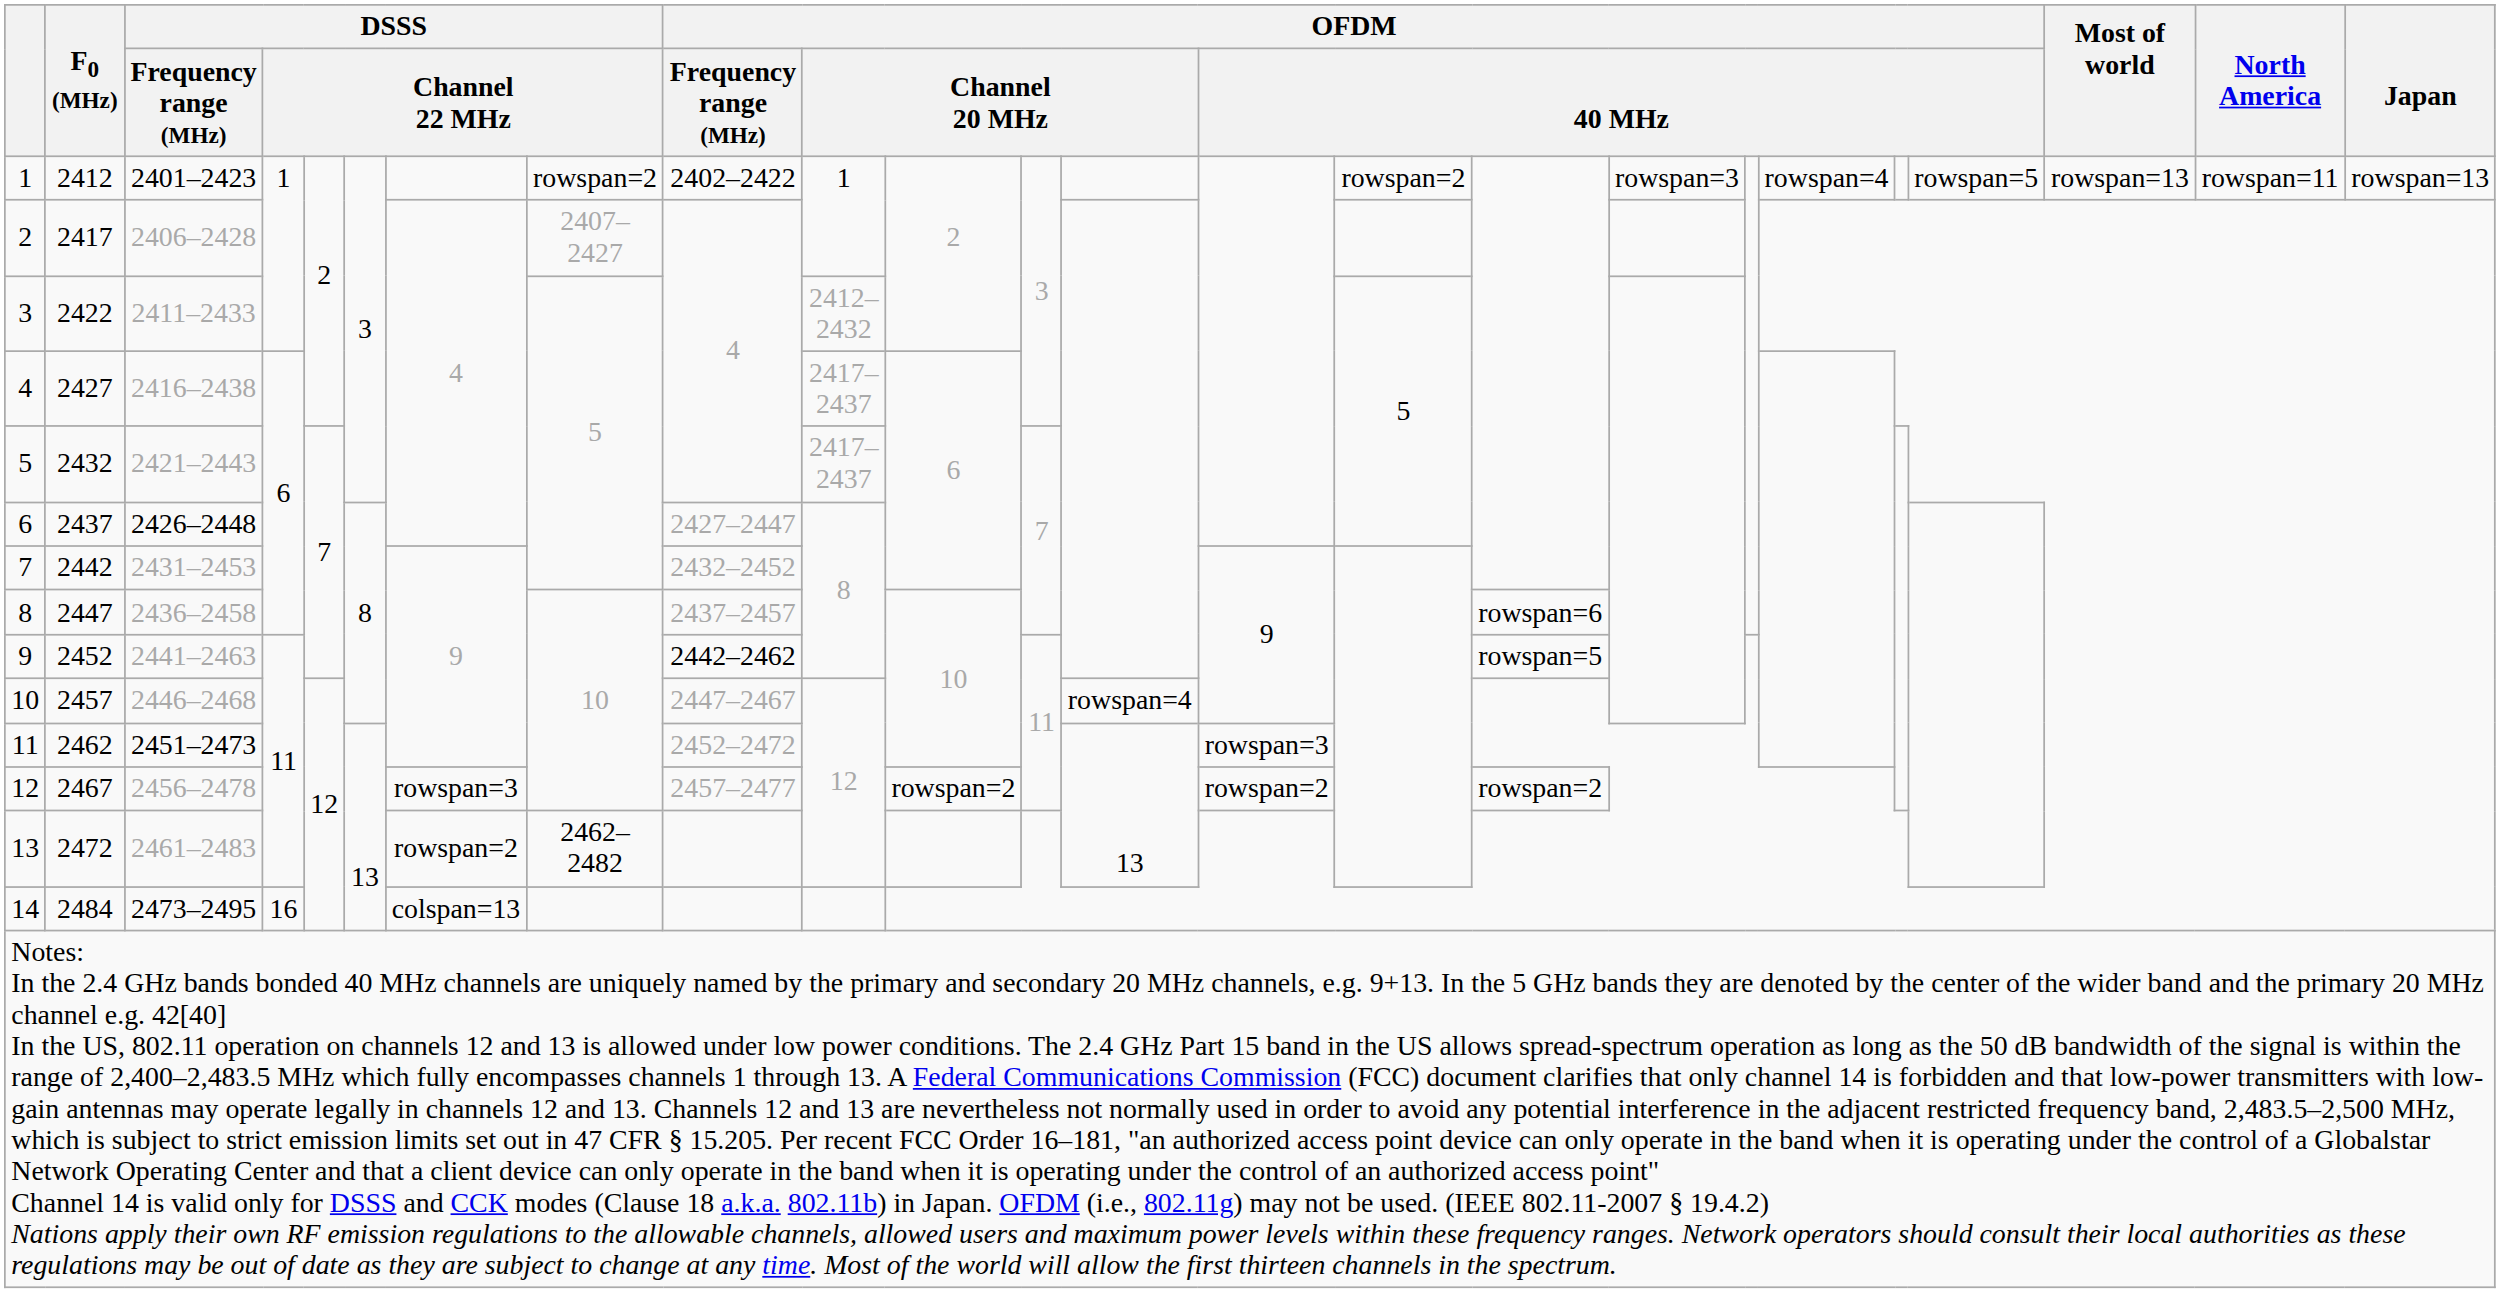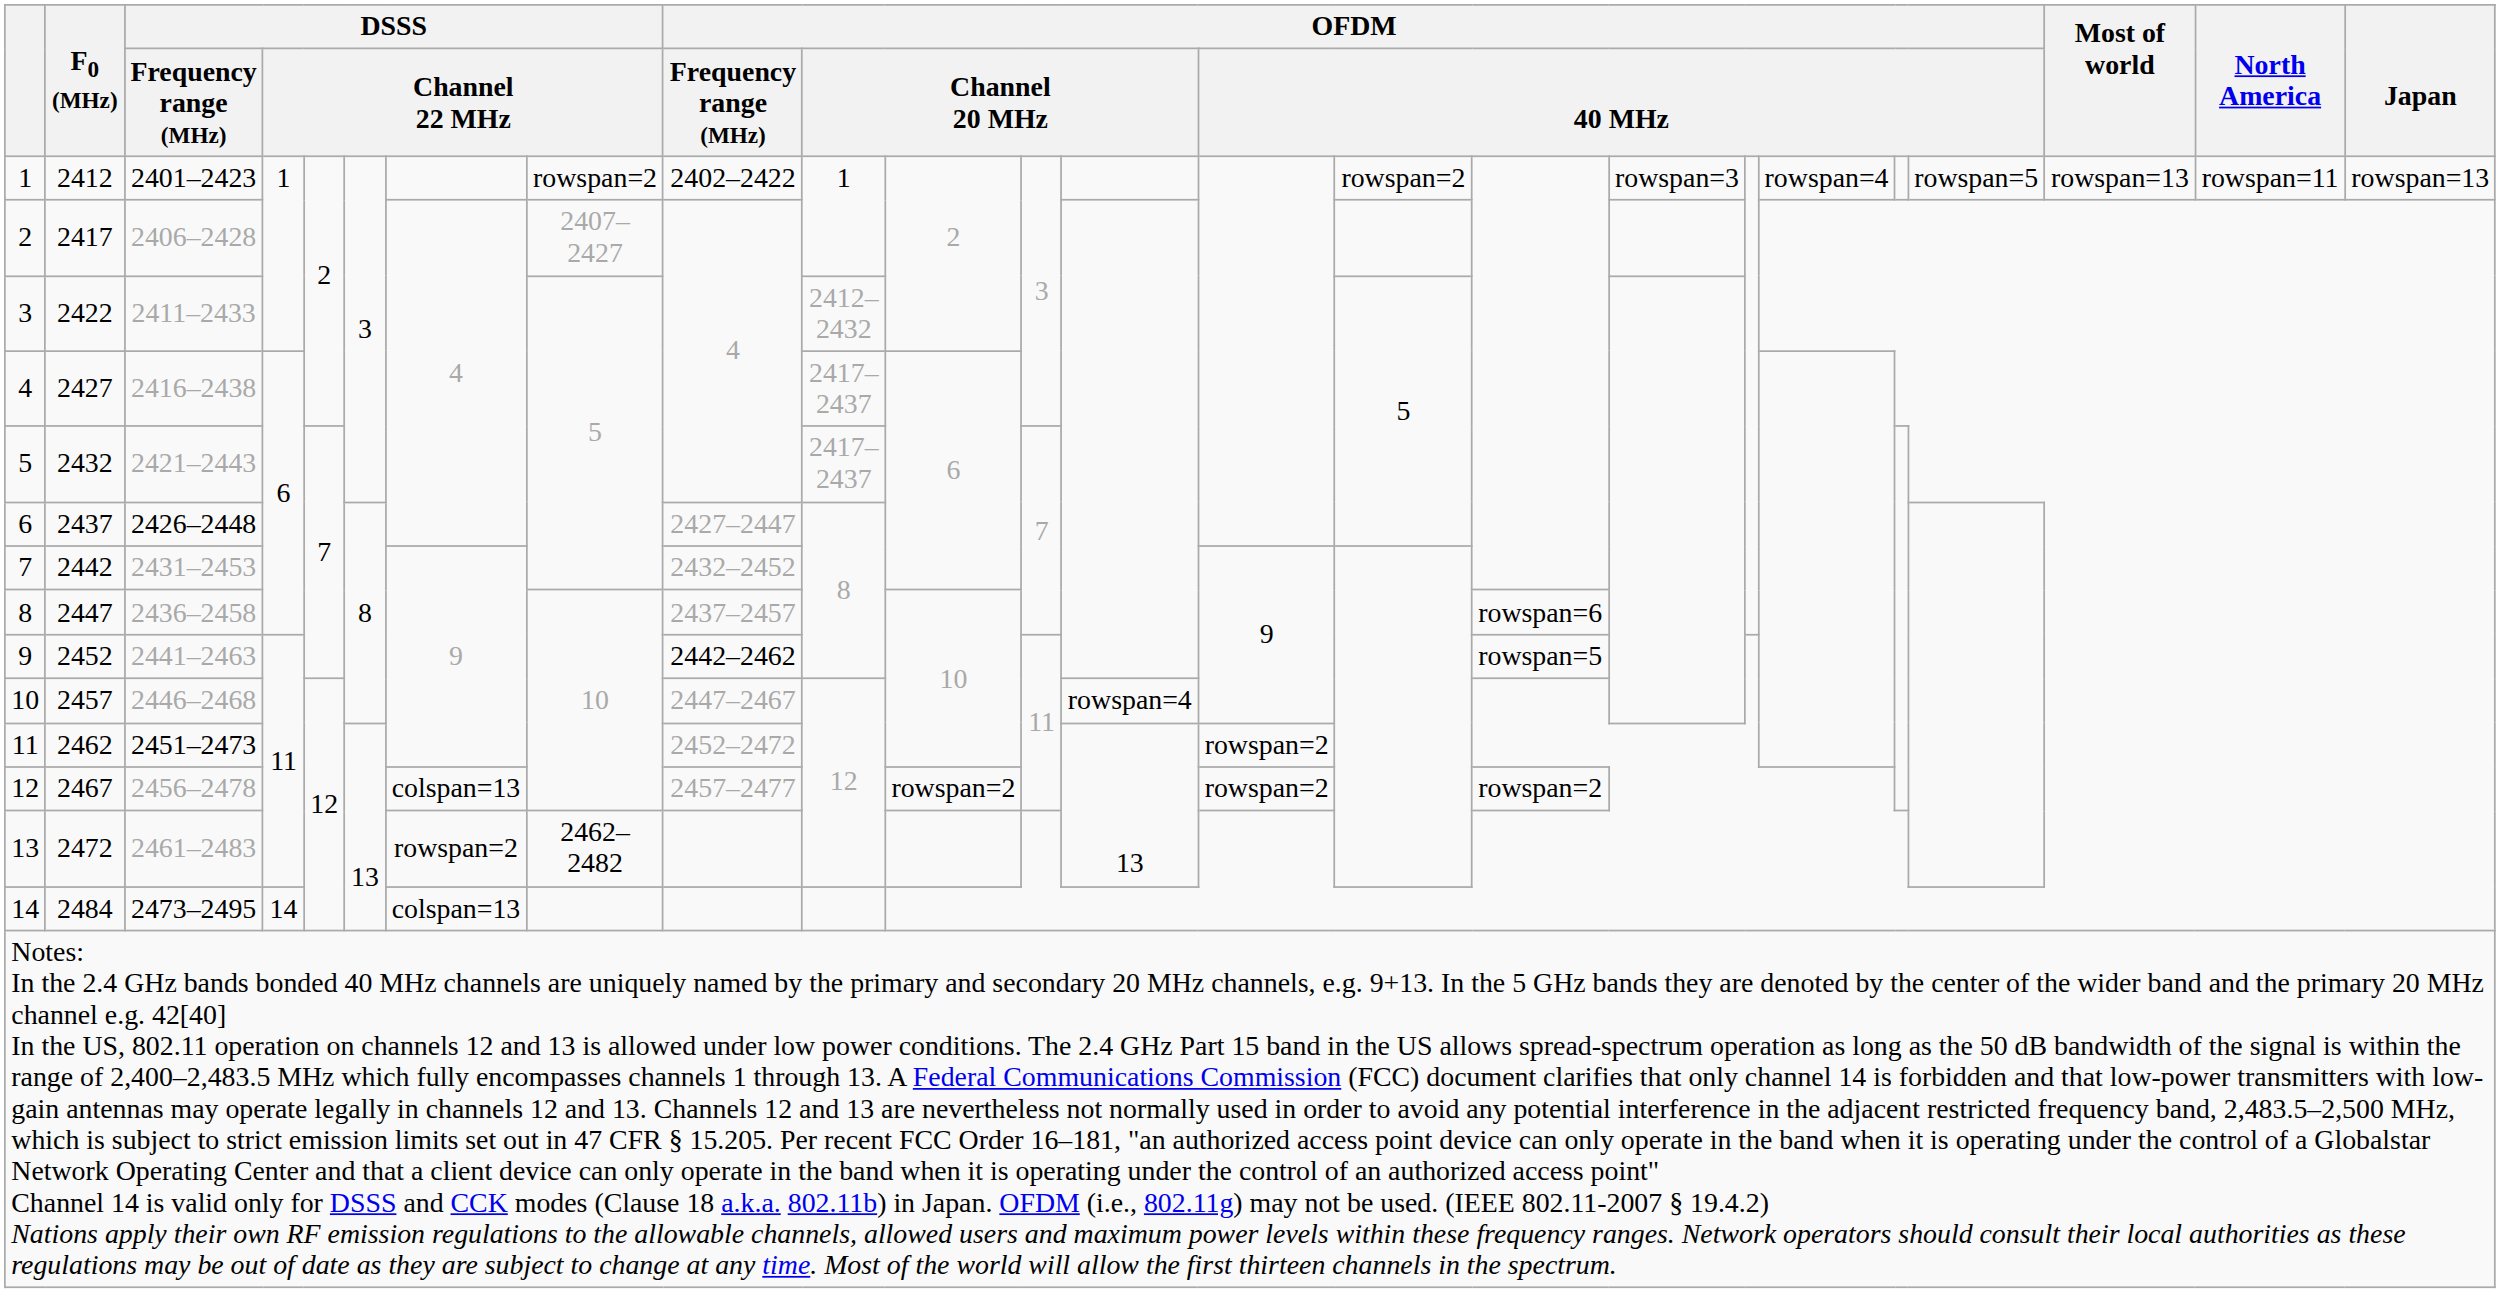 <table class="wikitable sortable sticky-table-head sticky-table-col1 mw-collapsible mw-datatable" style="text-align: center;">
 <tr>
 <th scope="col" rowspan=2></th>
 <th scope="col" rowspan=2>F<sub>0</sub><br><small>(MHz)</small></th>
 <th scope="colgroup" colspan=6>DSSS</th>
 <th scope="colgroup" colspan=13>OFDM</th>
 <th scope="col" rowspan=2 class="unsortable">Most of<br>world<br><br><br></th>
 <th scope="col" rowspan=2 class="unsortable"><a href='#'>North<br>America</a><br></th>
 <th scope="col" rowspan=2 class="unsortable"><br>Japan<br></th>
 </tr>
 <tr>
 <th scope="col" class="sticky-table-none">Frequency<br>range<br><small>(MHz)</small></th>
 <th scope="colgroup" colspan=5>Channel<br>22 MHz</th>
 <th scope="col">Frequency<br>range<br><small>(MHz)</small></th>
 <th scope="colgroup" colspan=4>Channel<br>20 MHz</th>
 <th scope="colgroup" colspan=8><br>40 MHz</th>
 </tr>
 <tr>
 <td>1</td>
 <td>2412</td>
 <td>2401–2423</td>
 <td rowspan=3 style="vertical-align:top">1</td>
 <td rowspan=4>2<br> </td>
 <td rowspan=5>3</td>
 <td></td>
 <td>rowspan=2 </td>
 <td>2402–2422</td>
 <td rowspan=2 style="vertical-align:top">1</td>
 <td rowspan=3 style=color:darkgray>2<br> </td>
 <td rowspan=4 style=color:darkgray>3</td>
 <td></td>
 <td rowspan=6><br><br> </td>
 <td>rowspan=2 </td>
 <td rowspan=7 style=color:darkgray><br> </td>
 <td>rowspan=3 </td>
 <td rowspan=8 style=color:darkgray></td>
 <td>rowspan=4 </td>
 <td></td>
 <td>rowspan=5  </td>
 <td>rowspan=13 </td>
 <td>rowspan=11 </td>
 <td>rowspan=13 </td>
 </tr>
 <tr>
 <td>2</td>
 <td>2417</td>
 <td style=color:darkgray>2406–2428</td>
 <td rowspan=5 style=color:darkgray>4</td>
 <td style=color:darkgray>2407–2427</td>
 <td rowspan=4 style=color:darkgray>4</td>
 <td rowspan=8 style=color:darkgray></td>
 </tr>
 <tr>
 <td>3</td>
 <td>2422</td>
 <td style=color:darkgray>2411–2433</td>
 <td rowspan=5 style=color:darkgray>5</td>
 <td style=color:darkgray>2412–2432</td>
 <td rowspan=4>5</td>
 <td rowspan=8></td>
 </tr>
 <tr>
 <td>4</td>
 <td>2427</td>
 <td style=color:darkgray>2416–2438</td>
 <td rowspan=5>6</td>
 <td style=color:darkgray>2417–2437</td>
 <td rowspan=4 style=color:darkgray>6</td>
 <td rowspan=8 style=color:darkgray></td>
 </tr>
 <tr>
 <td>5</td>
 <td>2432</td>
 <td style=color:darkgray>2421–2443</td>
 <td rowspan=5>7</td>
 <td style=color:darkgray>2417–2437</td>
 <td rowspan=4 style=color:darkgray>7</td>
 <td rowspan=8 style=color:darkgray></td>
 </tr>
 <tr>
 <td>6</td>
 <td>2437</td>
 <td>2426–2448</td>
 <td rowspan=5>8</td>
 <td style=color:darkgray>2427–2447</td>
 <td rowspan=4 style=color:darkgray>8</td>
 <td rowspan=8 style=color:darkgray> </td>
 </tr>
 <tr>
 <td>7</td>
 <td>2442</td>
 <td style=color:darkgray>2431–2453</td>
 <td rowspan=5 style=color:darkgray>9</td>
 <td style=color:darkgray>2432–2452</td>
 <td rowspan=4>9</td>
 <td rowspan=7><br> </td>
 </tr>
 <tr>
 <td>8</td>
 <td>2447</td>
 <td style=color:darkgray>2436–2458</td>
 <td rowspan=5 style=color:darkgray>10</td>
 <td style=color:darkgray>2437–2457</td>
 <td rowspan=4 style=color:darkgray>10</td>
 <td>rowspan=6  </td>
 </tr>
 <tr>
 <td>9</td>
 <td>2452</td>
 <td style=color:darkgray>2441–2463</td>
 <td rowspan=5>11</td>
 <td>2442–2462</td>
 <td rowspan=4 style=color:darkgray>11</td>
 <td>rowspan=5  </td>
 </tr>
 <tr>
 <td>10</td>
 <td>2457</td>
 <td style=color:darkgray>2446–2468</td>
 <td rowspan=5>12</td>
 <td style=color:darkgray>2447–2467</td>
 <td rowspan=4 style=color:darkgray>12</td>
 <td>rowspan=4  </td>
 </tr>
 <tr>
 <td>11</td>
 <td>2462</td>
 <td>2451–2473</td>
 <td rowspan=4 style="vertical-align:bottom">13<br> </td>
 <td style=color:darkgray>2452–2472</td>
 <td rowspan=3 style="vertical-align:bottom">13</td>
-<td>rowspan=3  </td>
+<td>rowspan=2  </td>
 </tr>
 <tr>
 <td>12</td>
 <td>2467</td>
 <td style=color:darkgray>2456–2478</td>
-<td>rowspan=3 </td>
+<td>colspan=13 </td>
 <td style=color:darkgray>2457–2477</td>
 <td>rowspan=2 </td>
 <td>rowspan=2  </td>
 <td>rowspan=2 </td>
 </tr>
 <tr>
 <td>13</td>
 <td>2472</td>
 <td style=color:darkgray>2461–2483</td>
 <td>rowspan=2 </td>
 <td>2462–2482</td>
 <td></td>
 <td> </td>
 </tr>
 <tr>
 <td>14</td>
 <td>2484</td>
 <td>2473–2495</td>
-<td>16</td>
+<td>14</td>
 <td>colspan=13 </td>
 <td></td>
 <td></td>
 <td></td>
 </tr>
 <tr class="sortbottom" style="text-align: left;">
 <td colspan=24>Notes:<br>In the 2.4 GHz bands bonded 40 MHz channels are uniquely named by the primary and secondary 20 MHz channels, e.g. 9+13. In the 5 GHz bands they are denoted by the center of the wider band and the primary 20 MHz channel e.g. 42[40]<br>In the US, 802.11 operation on channels 12 and 13 is allowed under low power conditions. The 2.4 GHz Part 15 band in the US allows spread-spectrum operation as long as the 50 dB bandwidth of the signal is within the range of 2,400–2,483.5 MHz which fully encompasses channels 1 through 13. A <a href='#'>Federal Communications Commission</a> (FCC) document clarifies that only channel 14 is forbidden and that low-power transmitters with low-gain antennas may operate legally in channels 12 and 13. Channels 12 and 13 are nevertheless not normally used in order to avoid any potential interference in the adjacent restricted frequency band, 2,483.5–2,500 MHz, which is subject to strict emission limits set out in 47 CFR § 15.205. Per recent FCC Order 16–181, "an authorized access point device can only operate in the  band when it is operating under the control of a Globalstar Network Operating Center and that a client device can only operate in the  band when it is operating under the control of an authorized access point"<br>Channel 14 is valid only for <a href='#'>DSSS</a> and <a href='#'>CCK</a> modes (Clause 18 <a href='#'>a.k.a.</a> <a href='#'>802.11b</a>) in Japan. <a href='#'>OFDM</a> (i.e., <a href='#'>802.11g</a>) may not be used. (IEEE 802.11-2007 § 19.4.2)<br><em>Nations apply their own RF emission regulations to the allowable channels, allowed users and maximum power levels within these frequency ranges. Network operators should consult their local authorities as these regulations may be out of date as they are subject to change at any <a href='#'>time</a>.  Most of the world will allow the first thirteen channels in the spectrum.</em></td>
 </tr>
 </table>
